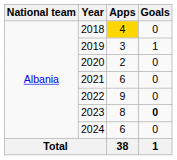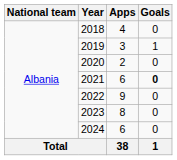 <table class="wikitable" style="text-align:center">
 <tr>
 <th>National team</th>
 <th>Year</th>
 <th>Apps</th>
 <th>Goals</th>
 </tr>
 <tr>
 <td rowspan="7"><a href='#'>Albania</a></td>
 <td>2018</td>
-<td style="background: gold;">4</td>
+<td>4</td>
 <td>0</td>
 </tr>
 <tr>
 <td>2019</td>
 <td>3</td>
 <td>1</td>
 </tr>
 <tr>
 <td>2020</td>
 <td>2</td>
 <td>0</td>
 </tr>
 <tr>
 <td>2021</td>
 <td>6</td>
-<td>0</td>
+<td><strong>0</strong></td>
 </tr>
 <tr>
 <td>2022</td>
 <td>9</td>
 <td>0</td>
 </tr>
 <tr>
 <td>2023</td>
 <td>8</td>
-<td><strong>0</strong></td>
+<td>0</td>
 </tr>
 <tr>
 <td>2024</td>
 <td>6</td>
 <td>0</td>
 </tr>
 <tr>
 <th colspan="2">Total</th>
 <th>38</th>
 <th>1</th>
 </tr>
 </table>
